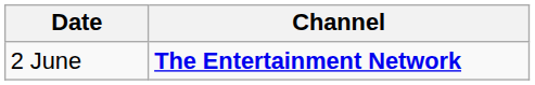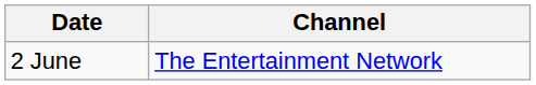 <table class="wikitable">
 <tr>
 <th width=90>Date</th>
 <th width=250>Channel</th>
 </tr>
 <tr>
 <td>2 June</td>
-<td><strong><a href='#'>The Entertainment Network</a></strong></td>
+<td><a href='#'>The Entertainment Network</a></td>
 </tr>
 </table>
